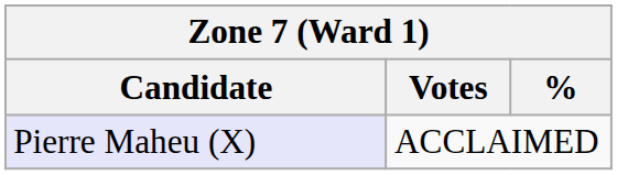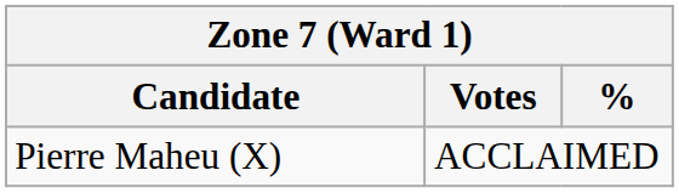 <table class="wikitable">
 <tr>
 <th colspan="3">Zone 7 (Ward 1)</th>
 </tr>
 <tr>
 <th style="width: 170px">Candidate</th>
 <th style="width: 50px">Votes</th>
 <th style="width: 40px">%</th>
 </tr>
 <tr>
-<td style="background: lavender;">Pierre Maheu (X)</td>
+<td>Pierre Maheu (X)</td>
 <td colspan="2">ACCLAIMED</td>
 </tr>
 </table>
